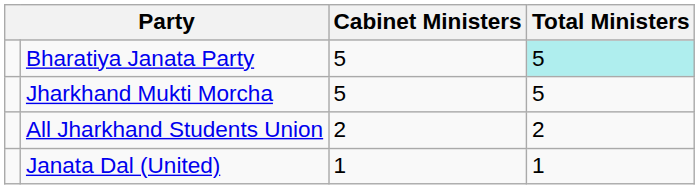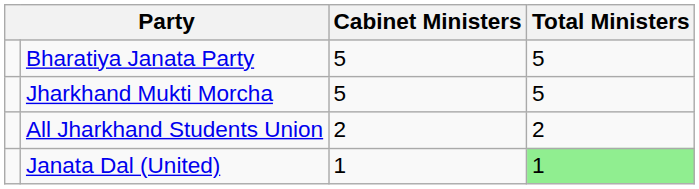 <table class="wikitable">
 <tr>
 <th colspan="2">Party</th>
 <th>Cabinet Ministers</th>
 <th>Total Ministers</th>
 </tr>
 <tr>
 <td width="4px"></td>
 <td><a href='#'>Bharatiya Janata Party</a></td>
 <td>5</td>
-<td style="background: paleturquoise;">5</td>
+<td>5</td>
 </tr>
 <tr>
 <td width="4px"></td>
 <td><a href='#'>Jharkhand Mukti Morcha</a></td>
 <td>5</td>
 <td>5</td>
 </tr>
 <tr>
 <td width="4px"></td>
 <td><a href='#'>All Jharkhand Students Union</a></td>
 <td>2</td>
 <td>2</td>
 </tr>
 <tr>
 <td width="4px"></td>
 <td><a href='#'>Janata Dal (United)</a></td>
 <td>1</td>
-<td>1</td>
+<td style="background: lightgreen;">1</td>
 </tr>
 </table>
